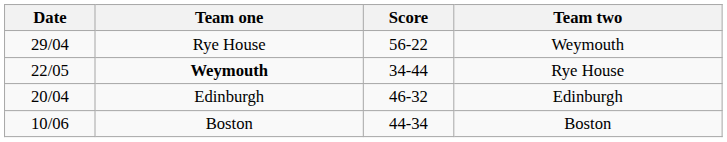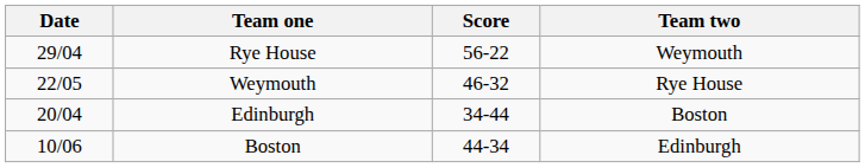 <table class="wikitable" style="text-align: center">
 <tr>
 <th width=80>Date</th>
 <th width=250>Team one</th>
 <th width=80>Score</th>
 <th width=250>Team two</th>
 </tr>
 <tr>
 <td>29/04</td>
 <td>Rye House</td>
 <td>56-22</td>
 <td>Weymouth</td>
 </tr>
 <tr>
 <td>22/05</td>
-<td><strong>Weymouth</strong></td>
-<td>34-44</td>
+<td>Weymouth</td>
+<td>46-32</td>
 <td>Rye House</td>
 </tr>
 <tr>
 <td>20/04</td>
 <td>Edinburgh</td>
-<td>46-32</td>
-<td>Edinburgh</td>
+<td>34-44</td>
+<td>Boston</td>
 </tr>
 <tr>
 <td>10/06</td>
 <td>Boston</td>
 <td>44-34</td>
-<td>Boston</td>
+<td>Edinburgh</td>
 </tr>
 </table>
